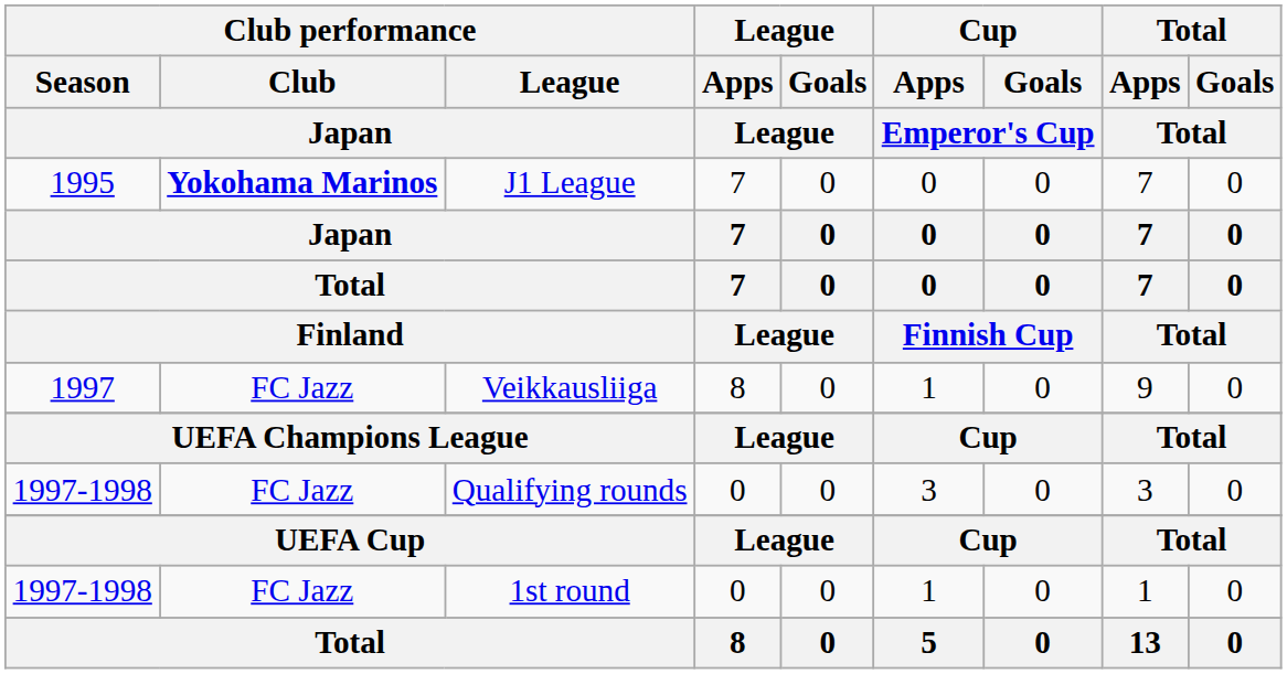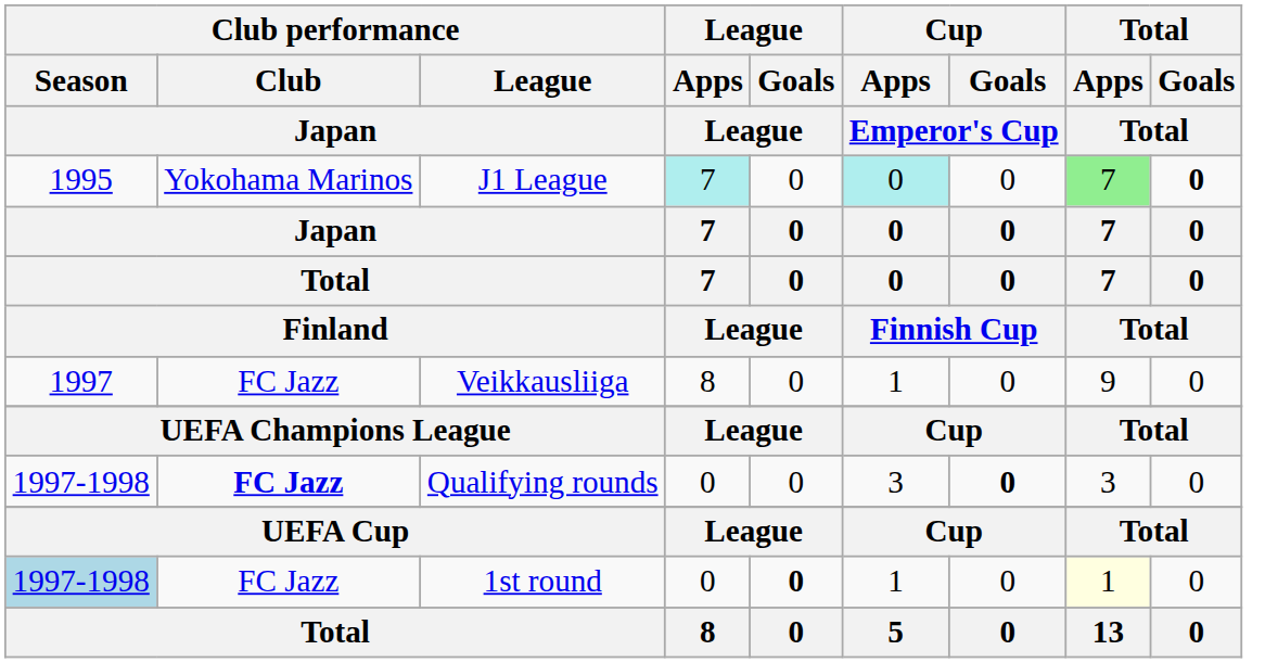 <table class="wikitable" style="text-align:center;">
 <tr>
 <th colspan=3>Club performance</th>
 <th colspan=2>League</th>
 <th colspan=2>Cup</th>
 <th colspan=2>Total</th>
 </tr>
 <tr>
 <th>Season</th>
 <th>Club</th>
 <th>League</th>
 <th>Apps</th>
 <th>Goals</th>
 <th>Apps</th>
 <th>Goals</th>
 <th>Apps</th>
 <th>Goals</th>
 </tr>
 <tr>
 <th colspan=3>Japan</th>
 <th colspan=2>League</th>
 <th colspan=2><a href='#'>Emperor's Cup</a></th>
 <th colspan=2>Total</th>
 </tr>
 <tr>
 <td><a href='#'>1995</a></td>
-<td><strong><a href='#'>Yokohama Marinos</a></strong></td>
+<td><a href='#'>Yokohama Marinos</a></td>
 <td><a href='#'>J1 League</a></td>
-<td>7</td>
+<td style="background: paleturquoise;">7</td>
 <td>0</td>
+<td style="background: paleturquoise;">0</td>
 <td>0</td>
-<td>0</td>
-<td>7</td>
-<td>0</td>
+<td style="background: lightgreen;">7</td>
+<td><strong>0</strong></td>
 </tr>
 <tr>
 <th colspan=3>Japan</th>
 <th>7</th>
 <th>0</th>
 <th>0</th>
 <th>0</th>
 <th>7</th>
 <th>0</th>
 </tr>
 <tr>
 <th colspan=3>Total</th>
 <th>7</th>
 <th>0</th>
 <th>0</th>
 <th>0</th>
 <th>7</th>
 <th>0</th>
 </tr>
 <tr>
 <th colspan=3>Finland</th>
 <th colspan=2>League</th>
 <th colspan=2><a href='#'>Finnish Cup</a></th>
 <th colspan=2>Total</th>
 </tr>
 <tr>
 <td><a href='#'>1997</a></td>
 <td><a href='#'>FC Jazz</a></td>
 <td><a href='#'>Veikkausliiga</a></td>
 <td>8</td>
 <td>0</td>
 <td>1</td>
 <td>0</td>
 <td>9</td>
 <td>0</td>
 </tr>
 <tr>
 </tr>
 <tr>
 <th colspan=3>UEFA Champions League</th>
 <th colspan=2>League</th>
 <th colspan=2>Cup</th>
 <th colspan=2>Total</th>
 </tr>
 <tr>
 <td><a href='#'>1997-1998</a></td>
-<td><a href='#'>FC Jazz</a></td>
+<td><strong><a href='#'>FC Jazz</a></strong></td>
 <td><a href='#'>Qualifying rounds</a></td>
 <td>0</td>
 <td>0</td>
 <td>3</td>
-<td>0</td>
+<td><strong>0</strong></td>
 <td>3</td>
 <td>0</td>
 </tr>
 <tr>
 </tr>
 <tr>
 <th colspan=3>UEFA Cup</th>
 <th colspan=2>League</th>
 <th colspan=2>Cup</th>
 <th colspan=2>Total</th>
 </tr>
 <tr>
-<td><a href='#'>1997-1998</a></td>
+<td style="background: lightblue;"><a href='#'>1997-1998</a></td>
 <td><a href='#'>FC Jazz</a></td>
 <td><a href='#'>1st round</a></td>
 <td>0</td>
-<td>0</td>
+<td><strong>0</strong></td>
 <td>1</td>
 <td>0</td>
-<td>1</td>
+<td style="background: lightyellow;">1</td>
 <td>0</td>
 </tr>
 <tr>
 <th colspan=3>Total</th>
 <th>8</th>
 <th>0</th>
 <th>5</th>
 <th>0</th>
 <th>13</th>
 <th>0</th>
 </tr>
 </table>
